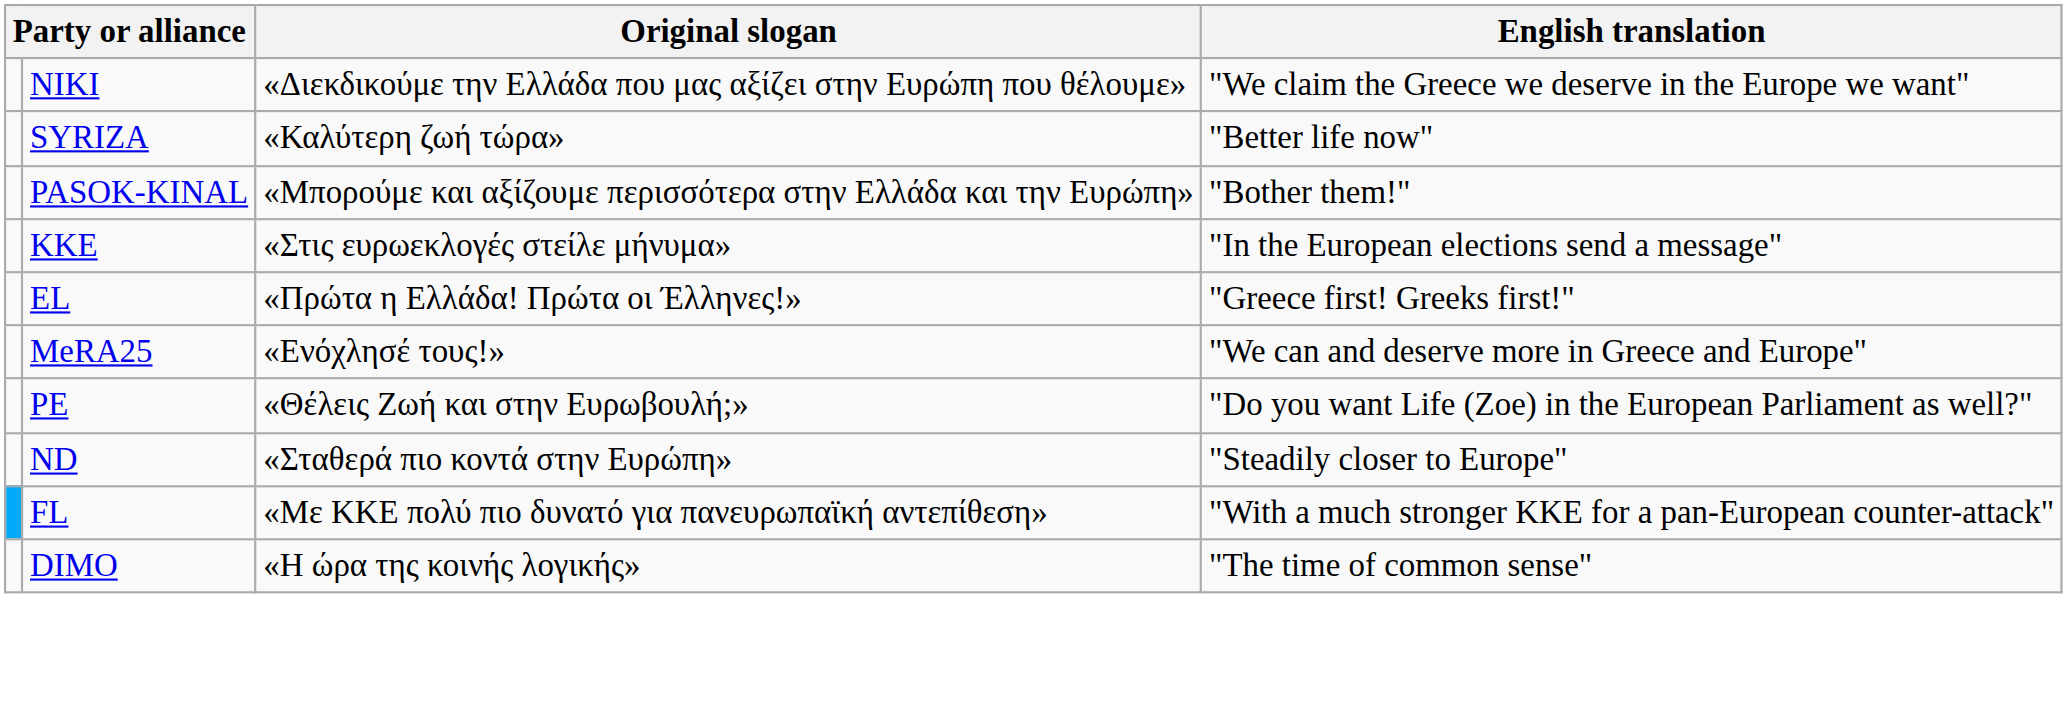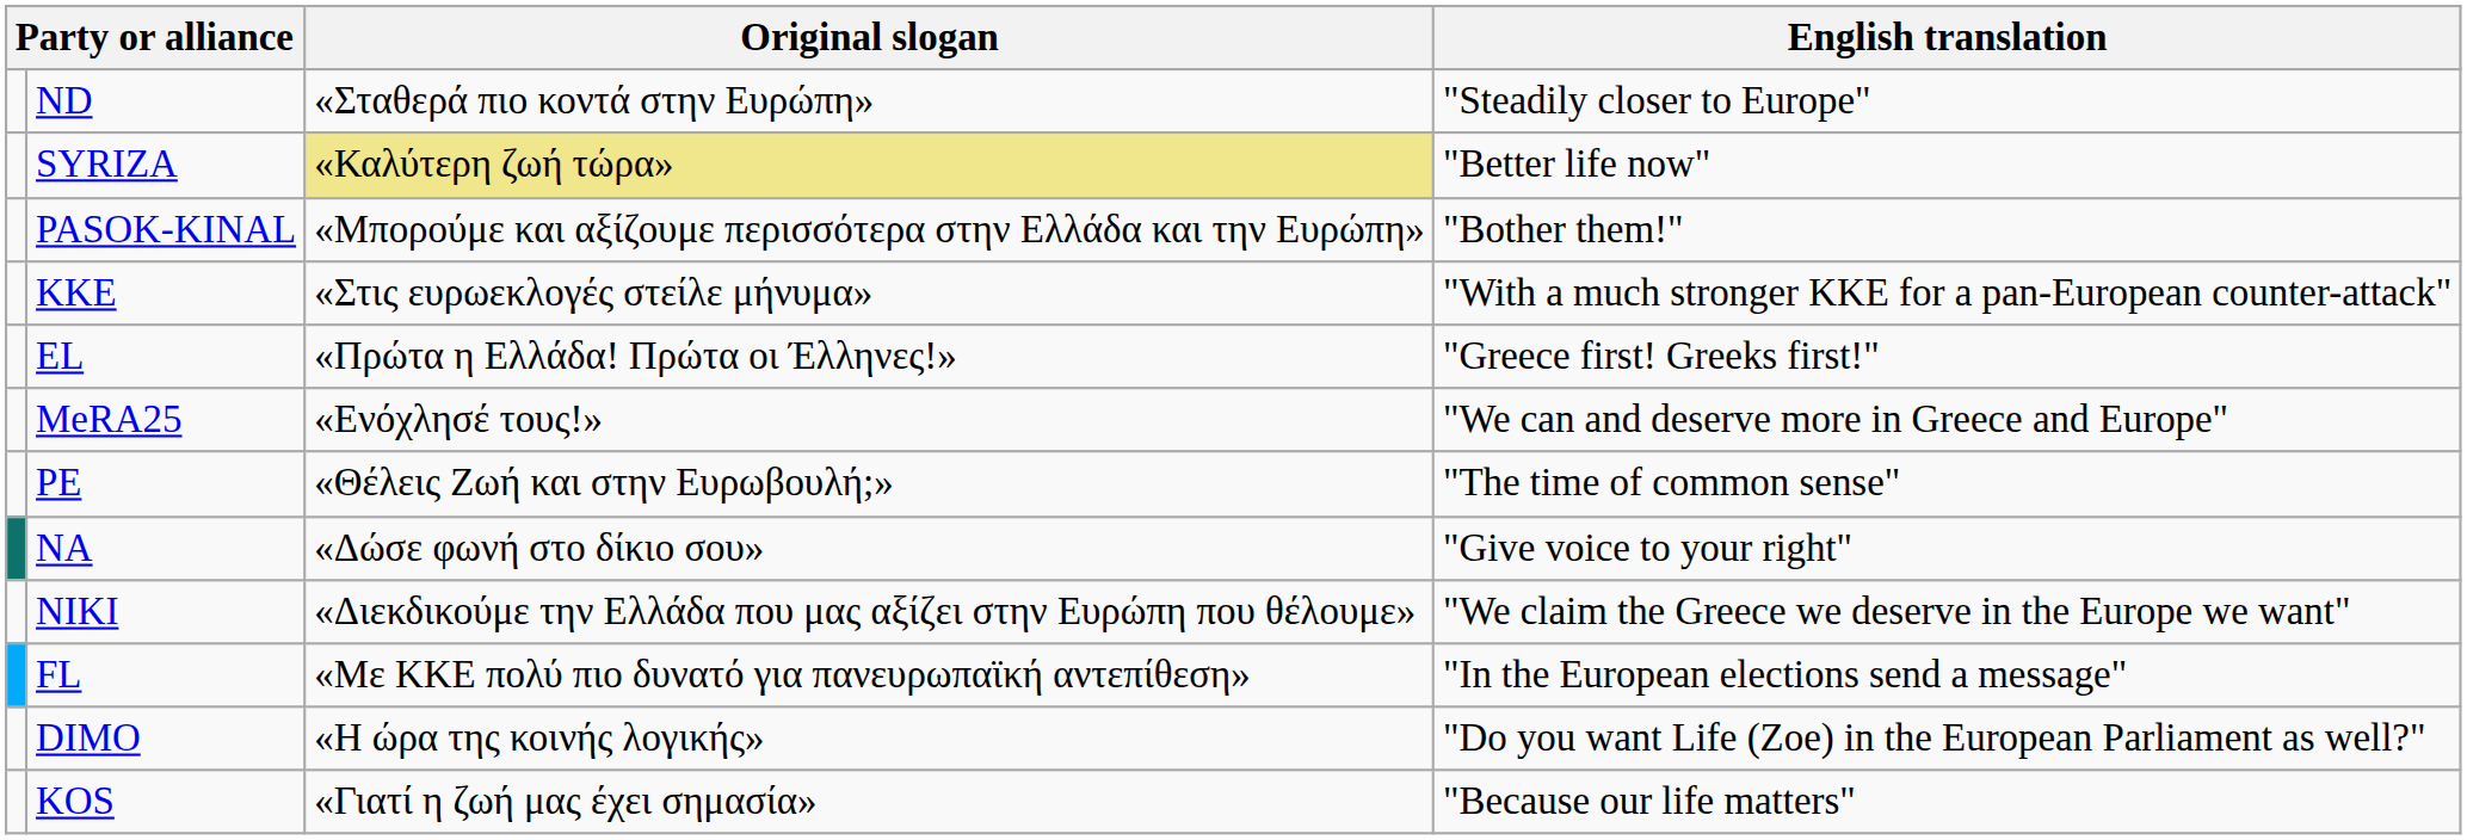 <table class="wikitable" style="font-size:97%; text-align:left;">
 <tr>
 <th style="text-align:left;" colspan="2">Party or alliance</th>
 <th>Original slogan</th>
 <th>English translation</th>
 </tr>
 <tr>
-<td style="color:inherit;background:"></td>
-<td><a href='#'>NIKI</a></td>
-<td>«Διεκδικούμε την Ελλάδα που μας αξίζει στην Ευρώπη που θέλουμε»</td>
-<td>"We claim the Greece we deserve in the Europe we want"</td>
+<td width="1" style="color:inherit;background:"></td>
+<td><a href='#'>ND</a></td>
+<td>«Σταθερά πιο κοντά στην Ευρώπη»</td>
+<td>"Steadily closer to Europe"</td>
 </tr>
 <tr>
 <td style="color:inherit;background:"></td>
 <td><a href='#'>SYRIZA</a></td>
-<td>«Καλύτερη ζωή τώρα»</td>
+<td style="background: khaki;">«Καλύτερη ζωή τώρα»</td>
 <td>"Better life now"</td>
 </tr>
 <tr>
 <td style="color:inherit;background:"></td>
 <td><a href='#'>PASOK-KINAL</a></td>
 <td>«Μπορούμε και αξίζουμε περισσότερα στην Ελλάδα και την Ευρώπη»</td>
 <td>"Bother them!"</td>
 </tr>
 <tr>
 <td style="color:inherit;background:"></td>
 <td><a href='#'>KKE</a></td>
 <td>«Στις ευρωεκλογές στείλε μήνυμα»</td>
-<td>"In the European elections send a message"</td>
+<td>"With a much stronger KKE for a pan-European counter-attack"</td>
 </tr>
 <tr>
 <td style="color:inherit;background:"></td>
 <td><a href='#'>EL</a></td>
 <td>«Πρώτα η Ελλάδα! Πρώτα οι Έλληνες!»</td>
 <td>"Greece first! Greeks first!"</td>
 </tr>
 <tr>
 <td style="color:inherit;background:"></td>
 <td><a href='#'>MeRA25</a></td>
 <td>«Ενόχλησέ τους!»</td>
 <td>"We can and deserve more in Greece and Europe"</td>
 </tr>
 <tr>
 <td style="color:inherit;background:"></td>
 <td><a href='#'>PE</a></td>
 <td>«Θέλεις Ζωή και στην Ευρωβουλή;»</td>
-<td>"Do you want Life (Zoe) in the European Parliament as well?"</td>
+<td>"The time of common sense"</td>
 </tr>
 <tr>
-<td width="1" style="color:inherit;background:"></td>
-<td><a href='#'>ND</a></td>
-<td>«Σταθερά πιο κοντά στην Ευρώπη»</td>
-<td>"Steadily closer to Europe"</td>
+<td style="color:inherit;background:#0E726A"></td>
+<td><a href='#'>NA</a></td>
+<td>«Δώσε φωνή στο δίκιο σου»</td>
+<td>"Give voice to your right"</td>
+</tr>
+<tr>
+<td style="color:inherit;background:"></td>
+<td><a href='#'>NIKI</a></td>
+<td>«Διεκδικούμε την Ελλάδα που μας αξίζει στην Ευρώπη που θέλουμε»</td>
+<td>"We claim the Greece we deserve in the Europe we want"</td>
 </tr>
 <tr>
 <td style="color:inherit;background:#01AAFA"></td>
 <td><a href='#'>FL</a></td>
 <td>«Με ΚΚΕ πολύ πιο δυνατό για πανευρωπαϊκή αντεπίθεση»</td>
-<td>"With a much stronger KKE for a pan-European counter-attack"</td>
+<td>"In the European elections send a message"</td>
 </tr>
 <tr>
 <td style="color:inherit;background:"></td>
 <td><a href='#'>DIMO</a></td>
 <td>«Η ώρα της κοινής λογικής»</td>
-<td>"The time of common sense"</td>
+<td>"Do you want Life (Zoe) in the European Parliament as well?"</td>
+</tr>
+<tr>
+<td style="color:inherit;background:"></td>
+<td><a href='#'>KOS</a></td>
+<td>«Γιατί η ζωή μας έχει σημασία»</td>
+<td>"Because our life matters"</td>
 </tr>
 </table>
